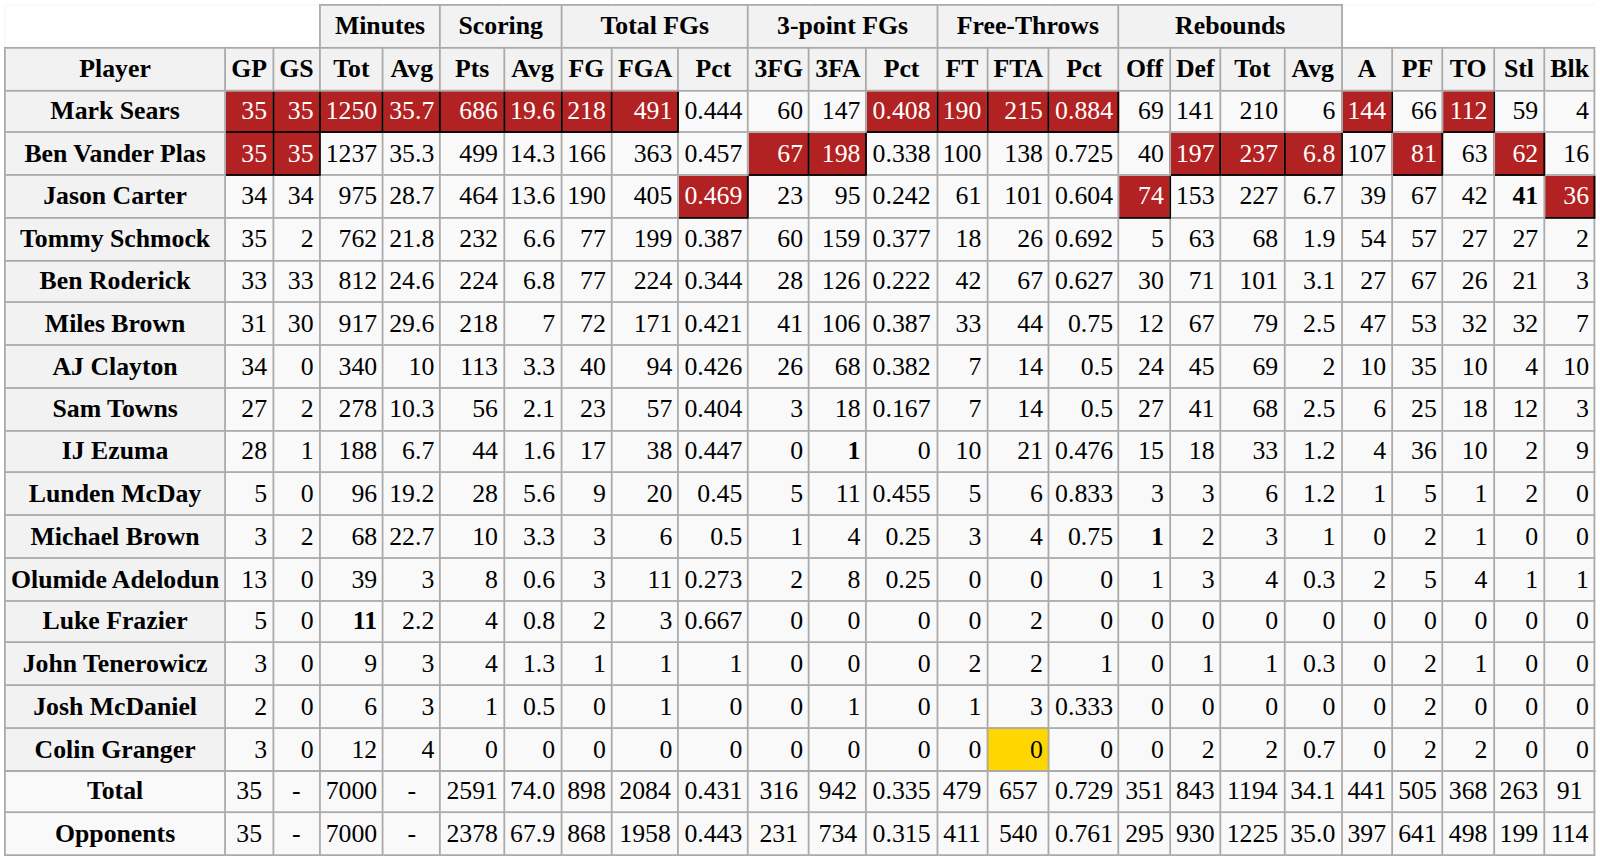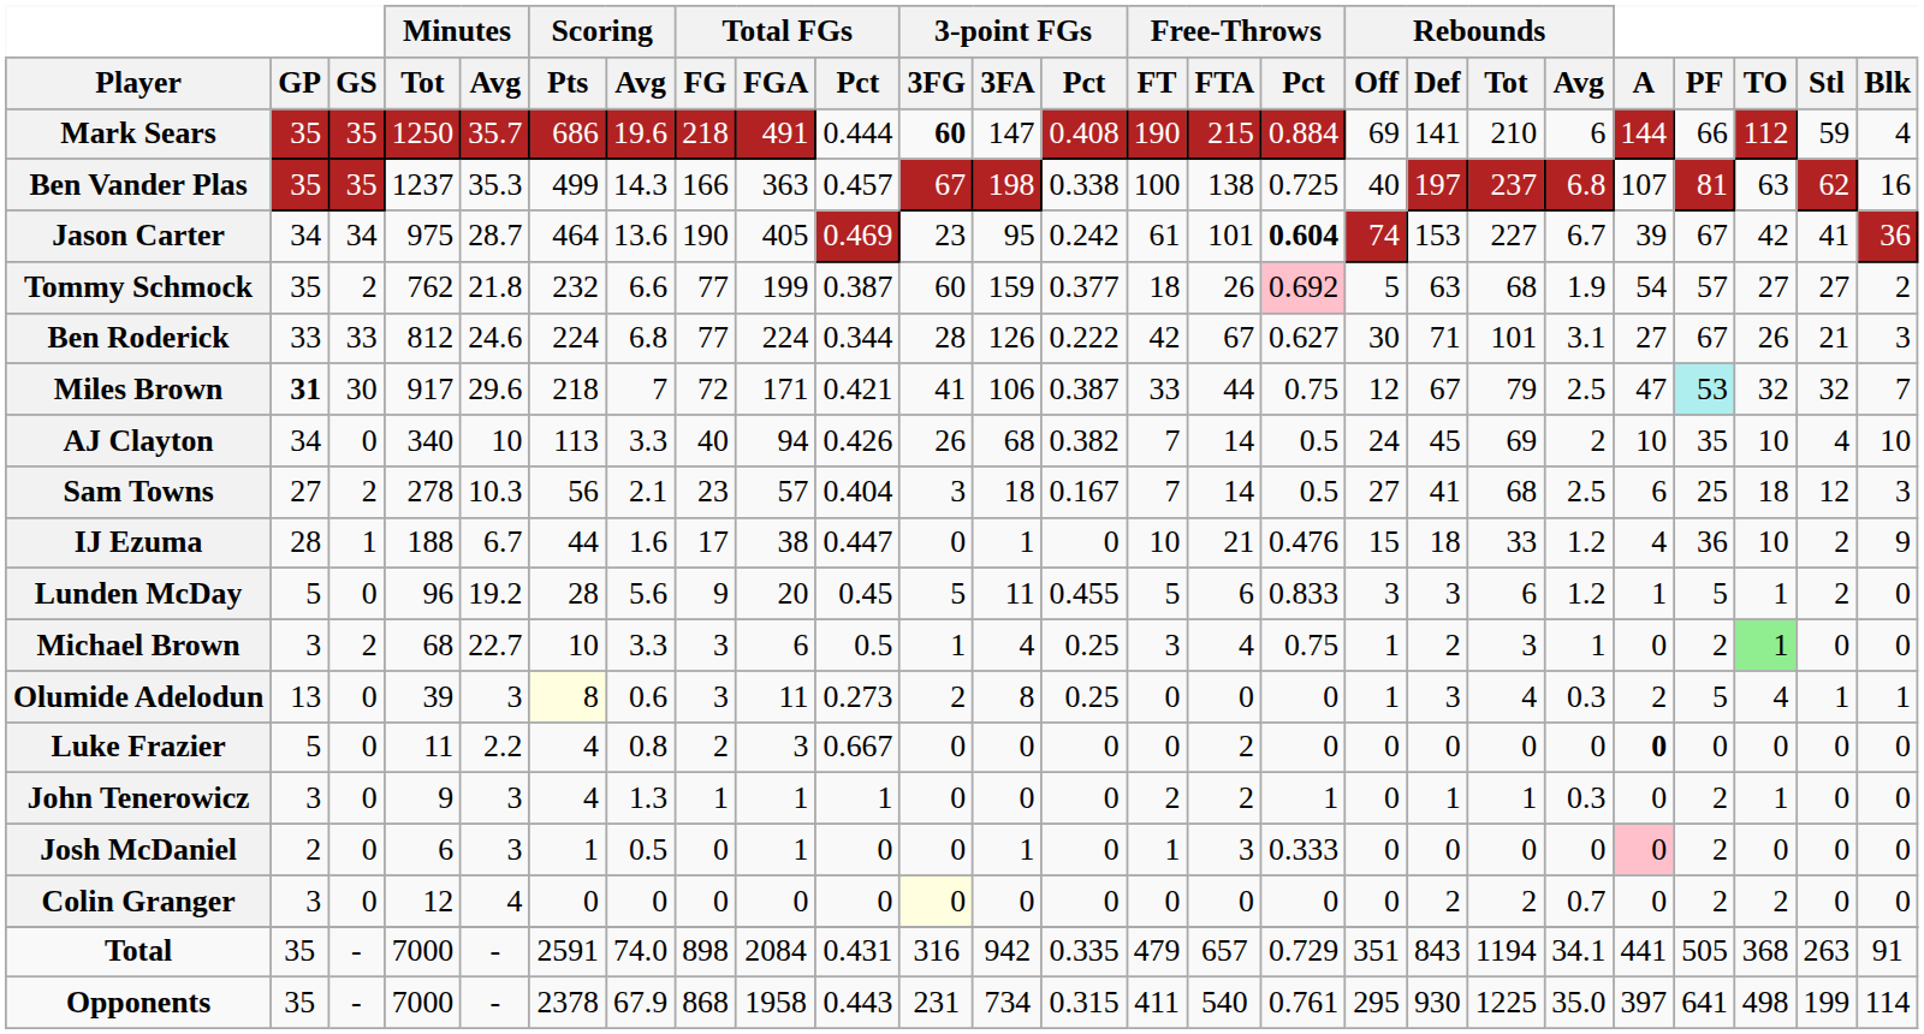 <table class="wikitable sortable" border="1" style="font-size:90%;">
 <tr>
 <th colspan="3" style="border-top-style:hidden; border-left-style:hidden; background: white;"></th>
 <th colspan="2" style=>Minutes</th>
 <th colspan="2" style=>Scoring</th>
 <th colspan="3" style=>Total FGs</th>
 <th colspan="3" style=>3-point FGs</th>
 <th colspan="3" style=>Free-Throws</th>
 <th colspan="4" style=>Rebounds</th>
 <th colspan="5" style="border-top-style:hidden; border-right-style:hidden; background: white;"></th>
 </tr>
 <tr>
 <th scope="col" style=>Player</th>
 <th scope="col" style=>GP</th>
 <th scope="col" style=>GS</th>
 <th scope="col" style=>Tot</th>
 <th scope="col" style=>Avg</th>
 <th scope="col" style=>Pts</th>
 <th scope="col" style=>Avg</th>
 <th scope="col" style=>FG</th>
 <th scope="col" style=>FGA</th>
 <th scope="col" style=>Pct</th>
 <th scope="col" style=>3FG</th>
 <th scope="col" style=>3FA</th>
 <th scope="col" style=>Pct</th>
 <th scope="col" style=>FT</th>
 <th scope="col" style=>FTA</th>
 <th scope="col" style=>Pct</th>
 <th scope="col" style=>Off</th>
 <th scope="col" style=>Def</th>
 <th scope="col" style=>Tot</th>
 <th scope="col" style=>Avg</th>
 <th scope="col" style=>A</th>
 <th scope="col" style=>PF</th>
 <th scope="col" style=>TO</th>
 <th scope="col" style=>Stl</th>
 <th scope="col" style=>Blk</th>
 </tr>
 <tr>
 <th>Mark Sears</th>
 <td align="right" style="background:#B22222; color:#ffffff; border: 1px solid black">35</td>
 <td align="right" style="background:#B22222; color:#ffffff; border: 1px solid black">35</td>
 <td align="right" style="background:#B22222; color:#ffffff; border: 1px solid black">1250</td>
 <td align="right" style="background:#B22222; color:#ffffff; border: 1px solid black">35.7</td>
 <td align="right" style="background:#B22222; color:#ffffff; border: 1px solid black">686</td>
 <td align="right" style="background:#B22222; color:#ffffff; border: 1px solid black">19.6</td>
 <td align="right" style="background:#B22222; color:#ffffff; border: 1px solid black">218</td>
 <td align="right" style="background:#B22222; color:#ffffff; border: 1px solid black">491</td>
 <td align="right">0.444</td>
-<td align="right">60</td>
+<td align="right"><strong>60</strong></td>
 <td align="right">147</td>
 <td align="right" style="background:#B22222; color:#ffffff; border: 1px solid black">0.408</td>
 <td align="right" style="background:#B22222; color:#ffffff; border: 1px solid black">190</td>
 <td align="right" style="background:#B22222; color:#ffffff; border: 1px solid black">215</td>
 <td align="right" style="background:#B22222; color:#ffffff; border: 1px solid black">0.884</td>
 <td align="right">69</td>
 <td align="right">141</td>
 <td align="right">210</td>
 <td align="right">6</td>
 <td align="right" style="background:#B22222; color:#ffffff; border: 1px solid black">144</td>
 <td align="right">66</td>
 <td align="right" style="background:#B22222; color:#ffffff; border: 1px solid black">112</td>
 <td align="right">59</td>
 <td align="right">4</td>
 </tr>
 <tr>
 <th>Ben Vander Plas</th>
 <td align="right" style="background:#B22222; color:#ffffff; border: 1px solid black">35</td>
 <td align="right" style="background:#B22222; color:#ffffff; border: 1px solid black">35</td>
 <td align="right">1237</td>
 <td align="right">35.3</td>
 <td align="right">499</td>
 <td align="right">14.3</td>
 <td align="right">166</td>
 <td align="right">363</td>
 <td align="right">0.457</td>
 <td align="right" style="background:#B22222; color:#ffffff; border: 1px solid black">67</td>
 <td align="right" style="background:#B22222; color:#ffffff; border: 1px solid black">198</td>
 <td align="right">0.338</td>
 <td align="right">100</td>
 <td align="right">138</td>
 <td align="right">0.725</td>
 <td align="right">40</td>
 <td align="right" style="background:#B22222; color:#ffffff; border: 1px solid black">197</td>
 <td align="right" style="background:#B22222; color:#ffffff; border: 1px solid black">237</td>
 <td align="right" style="background:#B22222; color:#ffffff; border: 1px solid black">6.8</td>
 <td align="right">107</td>
 <td align="right" style="background:#B22222; color:#ffffff; border: 1px solid black">81</td>
 <td align="right">63</td>
 <td align="right" style="background:#B22222; color:#ffffff; border: 1px solid black">62</td>
 <td align="right">16</td>
 </tr>
 <tr>
 <th>Jason Carter</th>
 <td align="right">34</td>
 <td align="right">34</td>
 <td align="right">975</td>
 <td align="right">28.7</td>
 <td align="right">464</td>
 <td align="right">13.6</td>
 <td align="right">190</td>
 <td align="right">405</td>
 <td align="right" style="background:#B22222; color:#ffffff; border: 1px solid black">0.469</td>
 <td align="right">23</td>
 <td align="right">95</td>
 <td align="right">0.242</td>
 <td align="right">61</td>
 <td align="right">101</td>
-<td align="right">0.604</td>
+<td align="right"><strong>0.604</strong></td>
 <td align="right" style="background:#B22222; color:#ffffff; border: 1px solid black">74</td>
 <td align="right">153</td>
 <td align="right">227</td>
 <td align="right">6.7</td>
 <td align="right">39</td>
 <td align="right">67</td>
 <td align="right">42</td>
-<td align="right"><strong>41</strong></td>
+<td align="right">41</td>
 <td align="right" style="background:#B22222; color:#ffffff; border: 1px solid black">36</td>
 </tr>
 <tr>
 <th>Tommy Schmock</th>
 <td align="right">35</td>
 <td align="right">2</td>
 <td align="right">762</td>
 <td align="right">21.8</td>
 <td align="right">232</td>
 <td align="right">6.6</td>
 <td align="right">77</td>
 <td align="right">199</td>
 <td align="right">0.387</td>
 <td align="right">60</td>
 <td align="right">159</td>
 <td align="right">0.377</td>
 <td align="right">18</td>
 <td align="right">26</td>
-<td align="right">0.692</td>
+<td align="right" style="background: pink;">0.692</td>
 <td align="right">5</td>
 <td align="right">63</td>
 <td align="right">68</td>
 <td align="right">1.9</td>
 <td align="right">54</td>
 <td align="right">57</td>
 <td align="right">27</td>
 <td align="right">27</td>
 <td align="right">2</td>
 </tr>
 <tr>
 <th>Ben Roderick</th>
 <td align="right">33</td>
 <td align="right">33</td>
 <td align="right">812</td>
 <td align="right">24.6</td>
 <td align="right">224</td>
 <td align="right">6.8</td>
 <td align="right">77</td>
 <td align="right">224</td>
 <td align="right">0.344</td>
 <td align="right">28</td>
 <td align="right">126</td>
 <td align="right">0.222</td>
 <td align="right">42</td>
 <td align="right">67</td>
 <td align="right">0.627</td>
 <td align="right">30</td>
 <td align="right">71</td>
 <td align="right">101</td>
 <td align="right">3.1</td>
 <td align="right">27</td>
 <td align="right">67</td>
 <td align="right">26</td>
 <td align="right">21</td>
 <td align="right">3</td>
 </tr>
 <tr>
 <th>Miles Brown</th>
-<td align="right">31</td>
+<td align="right"><strong>31</strong></td>
 <td align="right">30</td>
 <td align="right">917</td>
 <td align="right">29.6</td>
 <td align="right">218</td>
 <td align="right">7</td>
 <td align="right">72</td>
 <td align="right">171</td>
 <td align="right">0.421</td>
 <td align="right">41</td>
 <td align="right">106</td>
 <td align="right">0.387</td>
 <td align="right">33</td>
 <td align="right">44</td>
 <td align="right">0.75</td>
 <td align="right">12</td>
 <td align="right">67</td>
 <td align="right">79</td>
 <td align="right">2.5</td>
 <td align="right">47</td>
-<td align="right">53</td>
+<td align="right" style="background: paleturquoise;">53</td>
 <td align="right">32</td>
 <td align="right">32</td>
 <td align="right">7</td>
 </tr>
 <tr>
 <th>AJ Clayton</th>
 <td align="right">34</td>
 <td align="right">0</td>
 <td align="right">340</td>
 <td align="right">10</td>
 <td align="right">113</td>
 <td align="right">3.3</td>
 <td align="right">40</td>
 <td align="right">94</td>
 <td align="right">0.426</td>
 <td align="right">26</td>
 <td align="right">68</td>
 <td align="right">0.382</td>
 <td align="right">7</td>
 <td align="right">14</td>
 <td align="right">0.5</td>
 <td align="right">24</td>
 <td align="right">45</td>
 <td align="right">69</td>
 <td align="right">2</td>
 <td align="right">10</td>
 <td align="right">35</td>
 <td align="right">10</td>
 <td align="right">4</td>
 <td align="right">10</td>
 </tr>
 <tr>
 <th>Sam Towns</th>
 <td align="right">27</td>
 <td align="right">2</td>
 <td align="right">278</td>
 <td align="right">10.3</td>
 <td align="right">56</td>
 <td align="right">2.1</td>
 <td align="right">23</td>
 <td align="right">57</td>
 <td align="right">0.404</td>
 <td align="right">3</td>
 <td align="right">18</td>
 <td align="right">0.167</td>
 <td align="right">7</td>
 <td align="right">14</td>
 <td align="right">0.5</td>
 <td align="right">27</td>
 <td align="right">41</td>
 <td align="right">68</td>
 <td align="right">2.5</td>
 <td align="right">6</td>
 <td align="right">25</td>
 <td align="right">18</td>
 <td align="right">12</td>
 <td align="right">3</td>
 </tr>
 <tr>
 <th>IJ Ezuma</th>
 <td align="right">28</td>
 <td align="right">1</td>
 <td align="right">188</td>
 <td align="right">6.7</td>
 <td align="right">44</td>
 <td align="right">1.6</td>
 <td align="right">17</td>
 <td align="right">38</td>
 <td align="right">0.447</td>
 <td align="right">0</td>
-<td align="right"><strong>1</strong></td>
+<td align="right">1</td>
 <td align="right">0</td>
 <td align="right">10</td>
 <td align="right">21</td>
 <td align="right">0.476</td>
 <td align="right">15</td>
 <td align="right">18</td>
 <td align="right">33</td>
 <td align="right">1.2</td>
 <td align="right">4</td>
 <td align="right">36</td>
 <td align="right">10</td>
 <td align="right">2</td>
 <td align="right">9</td>
 </tr>
 <tr>
 <th>Lunden McDay</th>
 <td align="right">5</td>
 <td align="right">0</td>
 <td align="right">96</td>
 <td align="right">19.2</td>
 <td align="right">28</td>
 <td align="right">5.6</td>
 <td align="right">9</td>
 <td align="right">20</td>
 <td align="right">0.45</td>
 <td align="right">5</td>
 <td align="right">11</td>
 <td align="right">0.455</td>
 <td align="right">5</td>
 <td align="right">6</td>
 <td align="right">0.833</td>
 <td align="right">3</td>
 <td align="right">3</td>
 <td align="right">6</td>
 <td align="right">1.2</td>
 <td align="right">1</td>
 <td align="right">5</td>
 <td align="right">1</td>
 <td align="right">2</td>
 <td align="right">0</td>
 </tr>
 <tr>
 <th>Michael Brown</th>
 <td align="right">3</td>
 <td align="right">2</td>
 <td align="right">68</td>
 <td align="right">22.7</td>
 <td align="right">10</td>
 <td align="right">3.3</td>
 <td align="right">3</td>
 <td align="right">6</td>
 <td align="right">0.5</td>
 <td align="right">1</td>
 <td align="right">4</td>
 <td align="right">0.25</td>
 <td align="right">3</td>
 <td align="right">4</td>
 <td align="right">0.75</td>
-<td align="right"><strong>1</strong></td>
+<td align="right">1</td>
 <td align="right">2</td>
 <td align="right">3</td>
 <td align="right">1</td>
 <td align="right">0</td>
 <td align="right">2</td>
-<td align="right">1</td>
+<td align="right" style="background: lightgreen;">1</td>
 <td align="right">0</td>
 <td align="right">0</td>
 </tr>
 <tr>
 <th>Olumide Adelodun</th>
 <td align="right">13</td>
 <td align="right">0</td>
 <td align="right">39</td>
 <td align="right">3</td>
-<td align="right">8</td>
+<td align="right" style="background: lightyellow;">8</td>
 <td align="right">0.6</td>
 <td align="right">3</td>
 <td align="right">11</td>
 <td align="right">0.273</td>
 <td align="right">2</td>
 <td align="right">8</td>
 <td align="right">0.25</td>
 <td align="right">0</td>
 <td align="right">0</td>
 <td align="right">0</td>
 <td align="right">1</td>
 <td align="right">3</td>
 <td align="right">4</td>
 <td align="right">0.3</td>
 <td align="right">2</td>
 <td align="right">5</td>
 <td align="right">4</td>
 <td align="right">1</td>
 <td align="right">1</td>
 </tr>
 <tr>
 <th>Luke Frazier</th>
 <td align="right">5</td>
 <td align="right">0</td>
-<td align="right"><strong>11</strong></td>
+<td align="right">11</td>
 <td align="right">2.2</td>
 <td align="right">4</td>
 <td align="right">0.8</td>
 <td align="right">2</td>
 <td align="right">3</td>
 <td align="right">0.667</td>
 <td align="right">0</td>
 <td align="right">0</td>
 <td align="right">0</td>
 <td align="right">0</td>
 <td align="right">2</td>
 <td align="right">0</td>
 <td align="right">0</td>
 <td align="right">0</td>
 <td align="right">0</td>
 <td align="right">0</td>
-<td align="right">0</td>
+<td align="right"><strong>0</strong></td>
 <td align="right">0</td>
 <td align="right">0</td>
 <td align="right">0</td>
 <td align="right">0</td>
 </tr>
 <tr>
 <th>John Tenerowicz</th>
 <td align="right">3</td>
 <td align="right">0</td>
 <td align="right">9</td>
 <td align="right">3</td>
 <td align="right">4</td>
 <td align="right">1.3</td>
 <td align="right">1</td>
 <td align="right">1</td>
 <td align="right">1</td>
 <td align="right">0</td>
 <td align="right">0</td>
 <td align="right">0</td>
 <td align="right">2</td>
 <td align="right">2</td>
 <td align="right">1</td>
 <td align="right">0</td>
 <td align="right">1</td>
 <td align="right">1</td>
 <td align="right">0.3</td>
 <td align="right">0</td>
 <td align="right">2</td>
 <td align="right">1</td>
 <td align="right">0</td>
 <td align="right">0</td>
 </tr>
 <tr>
 <th>Josh McDaniel</th>
 <td align="right">2</td>
 <td align="right">0</td>
 <td align="right">6</td>
 <td align="right">3</td>
 <td align="right">1</td>
 <td align="right">0.5</td>
 <td align="right">0</td>
 <td align="right">1</td>
 <td align="right">0</td>
 <td align="right">0</td>
 <td align="right">1</td>
 <td align="right">0</td>
 <td align="right">1</td>
 <td align="right">3</td>
 <td align="right">0.333</td>
 <td align="right">0</td>
 <td align="right">0</td>
 <td align="right">0</td>
 <td align="right">0</td>
-<td align="right">0</td>
+<td align="right" style="background: pink;">0</td>
 <td align="right">2</td>
 <td align="right">0</td>
 <td align="right">0</td>
 <td align="right">0</td>
 </tr>
 <tr>
 <th>Colin Granger</th>
 <td align="right">3</td>
 <td align="right">0</td>
 <td align="right">12</td>
 <td align="right">4</td>
 <td align="right">0</td>
 <td align="right">0</td>
 <td align="right">0</td>
 <td align="right">0</td>
 <td align="right">0</td>
+<td align="right" style="background: lightyellow;">0</td>
 <td align="right">0</td>
 <td align="right">0</td>
 <td align="right">0</td>
 <td align="right">0</td>
-<td align="right" style="background: gold;">0</td>
 <td align="right">0</td>
 <td align="right">0</td>
 <td align="right">2</td>
 <td align="right">2</td>
 <td align="right">0.7</td>
 <td align="right">0</td>
 <td align="right">2</td>
 <td align="right">2</td>
 <td align="right">0</td>
 <td align="right">0</td>
 </tr>
 <tr>
 </tr>
 <tr class="sortbottom">
 <td align="center" style=><strong>Total</strong></td>
 <td align="center" style=>35</td>
 <td align="center" style=>-</td>
 <td align="center" style=>7000</td>
 <td align="center" style=>-</td>
 <td align="center" style=>2591</td>
 <td align="center" style=>74.0</td>
 <td align="center" style=>898</td>
 <td align="center" style=>2084</td>
 <td align="center" style=>0.431</td>
 <td align="center" style=>316</td>
 <td align="center" style=>942</td>
 <td align="center" style=>0.335</td>
 <td align="center" style=>479</td>
 <td align="center" style=>657</td>
 <td align="center" style=>0.729</td>
 <td align="center" style=>351</td>
 <td align="center" style=>843</td>
 <td align="center" style=>1194</td>
 <td align="center" style=>34.1</td>
 <td align="center" style=>441</td>
 <td align="center" style=>505</td>
 <td align="center" style=>368</td>
 <td align="center" style=>263</td>
 <td align="center" style=>91</td>
 </tr>
 <tr class="sortbottom">
 <td align="center"><strong>Opponents</strong></td>
 <td align="center">35</td>
 <td align="center">-</td>
 <td align="center">7000</td>
 <td align="center">-</td>
 <td align="center">2378</td>
 <td align="center">67.9</td>
 <td align="center">868</td>
 <td align="center">1958</td>
 <td align="center">0.443</td>
 <td align="center">231</td>
 <td align="center">734</td>
 <td align="center">0.315</td>
 <td align="center">411</td>
 <td align="center">540</td>
 <td align="center">0.761</td>
 <td align="center">295</td>
 <td align="center">930</td>
 <td align="center">1225</td>
 <td align="center">35.0</td>
 <td align="center">397</td>
 <td align="center">641</td>
 <td align="center">498</td>
 <td align="center">199</td>
 <td align="center">114</td>
 </tr>
 </table>
